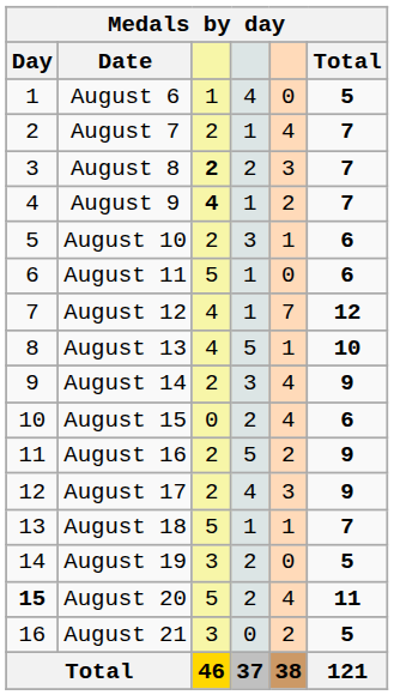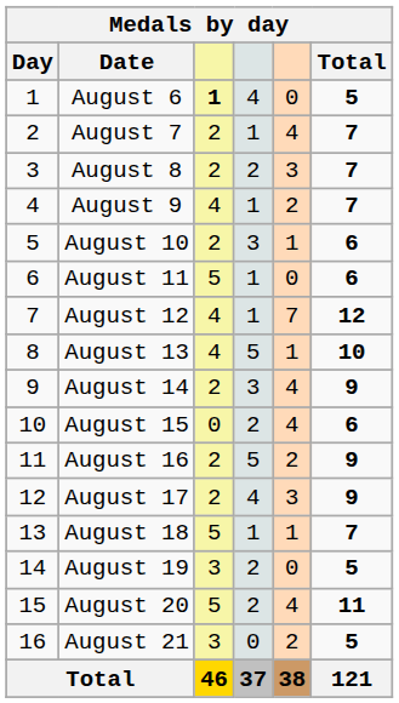 <table class=wikitable style=font-size:85%;float:right;text-align:center>
 <tr>
 <th colspan=6>Medals by day</th>
 </tr>
 <tr>
 <th>Day</th>
 <th>Date</th>
 <td bgcolor=F7F6A8></td>
 <td bgcolor=DCE5E5></td>
 <td bgcolor=FFDAB9></td>
 <th>Total</th>
 </tr>
 <tr>
 <td>1</td>
 <td>August 6</td>
-<td bgcolor=F7F6A8>1</td>
+<td bgcolor=F7F6A8><strong>1</strong></td>
 <td bgcolor=DCE5E5>4</td>
 <td bgcolor=FFDAB9>0</td>
 <td><strong>5</strong></td>
 </tr>
 <tr>
 <td>2</td>
 <td>August 7</td>
 <td bgcolor=F7F6A8>2</td>
 <td bgcolor=DCE5E5>1</td>
 <td bgcolor=FFDAB9>4</td>
 <td><strong>7</strong></td>
 </tr>
 <tr>
 <td>3</td>
 <td>August 8</td>
-<td bgcolor=F7F6A8><strong>2</strong></td>
+<td bgcolor=F7F6A8>2</td>
 <td bgcolor=DCE5E5>2</td>
 <td bgcolor=FFDAB9>3</td>
 <td><strong>7</strong></td>
 </tr>
 <tr>
 <td>4</td>
 <td>August 9</td>
-<td bgcolor=F7F6A8><strong>4</strong></td>
+<td bgcolor=F7F6A8>4</td>
 <td bgcolor=DCE5E5>1</td>
 <td bgcolor=FFDAB9>2</td>
 <td><strong>7</strong></td>
 </tr>
 <tr>
 <td>5</td>
 <td>August 10</td>
 <td bgcolor=F7F6A8>2</td>
 <td bgcolor=DCE5E5>3</td>
 <td bgcolor=FFDAB9>1</td>
 <td><strong>6</strong></td>
 </tr>
 <tr>
 <td>6</td>
 <td>August 11</td>
 <td bgcolor=F7F6A8>5</td>
 <td bgcolor=DCE5E5>1</td>
 <td bgcolor=FFDAB9>0</td>
 <td><strong>6</strong></td>
 </tr>
 <tr>
 <td>7</td>
 <td>August 12</td>
 <td bgcolor=F7F6A8>4</td>
 <td bgcolor=DCE5E5>1</td>
 <td bgcolor=FFDAB9>7</td>
 <td><strong>12</strong></td>
 </tr>
 <tr>
 <td>8</td>
 <td>August 13</td>
 <td bgcolor=F7F6A8>4</td>
 <td bgcolor=DCE5E5>5</td>
 <td bgcolor=FFDAB9>1</td>
 <td><strong>10</strong></td>
 </tr>
 <tr>
 <td>9</td>
 <td>August 14</td>
 <td bgcolor=F7F6A8>2</td>
 <td bgcolor=DCE5E5>3</td>
 <td bgcolor=FFDAB9>4</td>
 <td><strong>9</strong></td>
 </tr>
 <tr>
 <td>10</td>
 <td>August 15</td>
 <td bgcolor=F7F6A8>0</td>
 <td bgcolor=DCE5E5>2</td>
 <td bgcolor=FFDAB9>4</td>
 <td><strong>6</strong></td>
 </tr>
 <tr>
 <td>11</td>
 <td>August 16</td>
 <td bgcolor=F7F6A8>2</td>
 <td bgcolor=DCE5E5>5</td>
 <td bgcolor=FFDAB9>2</td>
 <td><strong>9</strong></td>
 </tr>
 <tr>
 <td>12</td>
 <td>August 17</td>
 <td bgcolor=F7F6A8>2</td>
 <td bgcolor=DCE5E5>4</td>
 <td bgcolor=FFDAB9>3</td>
 <td><strong>9</strong></td>
 </tr>
 <tr>
 <td>13</td>
 <td>August 18</td>
 <td bgcolor=F7F6A8>5</td>
 <td bgcolor=DCE5E5>1</td>
 <td bgcolor=FFDAB9>1</td>
 <td><strong>7</strong></td>
 </tr>
 <tr>
 <td>14</td>
 <td>August 19</td>
 <td bgcolor=F7F6A8>3</td>
 <td bgcolor=DCE5E5>2</td>
 <td bgcolor=FFDAB9>0</td>
 <td><strong>5</strong></td>
 </tr>
 <tr>
-<td><strong>15</strong></td>
+<td>15</td>
 <td>August 20</td>
 <td bgcolor=F7F6A8>5</td>
 <td bgcolor=DCE5E5>2</td>
 <td bgcolor=FFDAB9>4</td>
 <td><strong>11</strong></td>
 </tr>
 <tr>
 <td>16</td>
 <td>August 21</td>
 <td bgcolor=F7F6A8>3</td>
 <td bgcolor=DCE5E5>0</td>
 <td bgcolor=FFDAB9>2</td>
 <td><strong>5</strong></td>
 </tr>
 <tr>
 <th colspan=2>Total</th>
 <th style=background:gold>46</th>
 <th style=background:silver>37</th>
 <th style=background:#c96>38</th>
 <th>121</th>
 </tr>
 </table>
